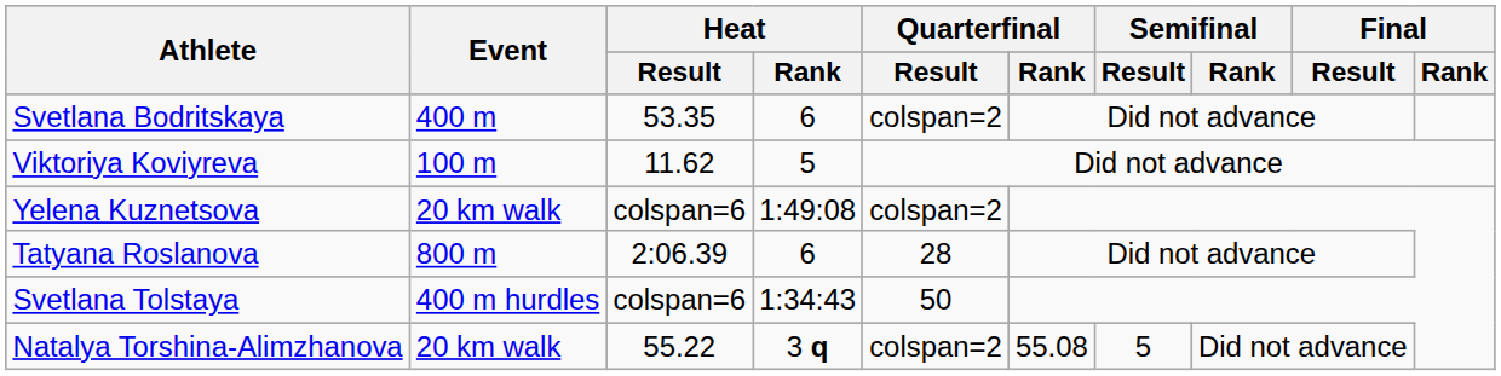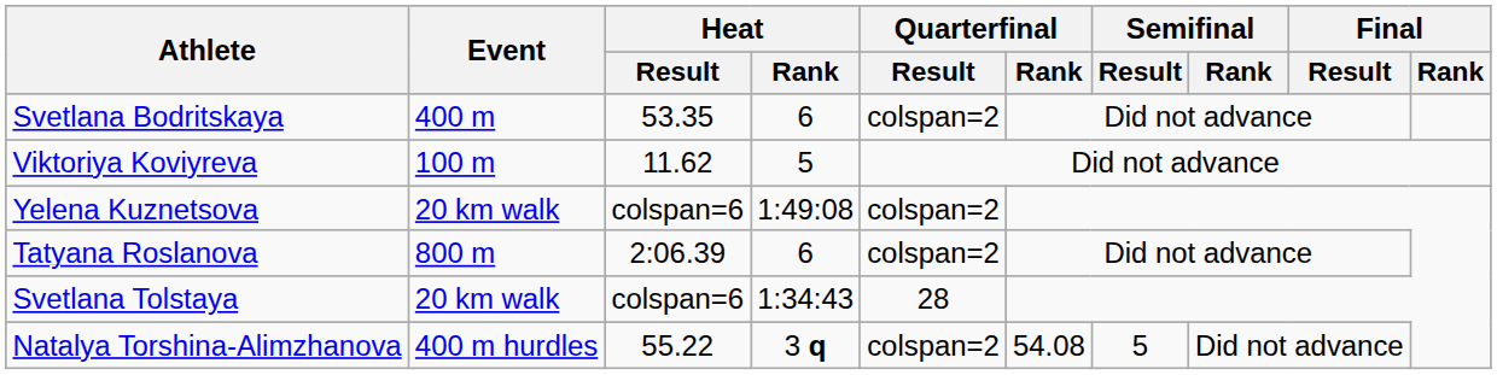 <table class=wikitable style="font-size:90%">
 <tr>
 <th rowspan="2">Athlete</th>
 <th rowspan="2">Event</th>
 <th colspan="2">Heat</th>
 <th colspan="2">Quarterfinal</th>
 <th colspan="2">Semifinal</th>
 <th colspan="2">Final</th>
 </tr>
 <tr style="font-size:95%">
 <th>Result</th>
 <th>Rank</th>
 <th>Result</th>
 <th>Rank</th>
 <th>Result</th>
 <th>Rank</th>
 <th>Result</th>
 <th>Rank</th>
 </tr>
 <tr align=center>
 <td align=left><a href='#'>Svetlana Bodritskaya</a></td>
 <td align=left><a href='#'>400 m</a></td>
 <td>53.35</td>
 <td>6</td>
 <td>colspan=2 </td>
 <td colspan=4>Did not advance</td>
 </tr>
 <tr align=center>
 <td align=left><a href='#'>Viktoriya Koviyreva</a></td>
 <td align=left><a href='#'>100 m</a></td>
 <td>11.62</td>
 <td>5</td>
 <td colspan=6>Did not advance</td>
 </tr>
 <tr align=center>
 <td align=left><a href='#'>Yelena Kuznetsova</a></td>
 <td align=left><a href='#'>20 km walk</a></td>
 <td>colspan=6 </td>
 <td>1:49:08</td>
 <td>colspan=2 </td>
 </tr>
 <tr align=center>
 <td align=left><a href='#'>Tatyana Roslanova</a></td>
 <td align=left><a href='#'>800 m</a></td>
 <td>2:06.39</td>
 <td>6</td>
-<td>28</td>
+<td>colspan=2 </td>
 <td colspan=4>Did not advance</td>
 </tr>
 <tr align=center>
 <td align=left><a href='#'>Svetlana Tolstaya</a></td>
-<td align=left><a href='#'>400 m hurdles</a></td>
+<td align=left><a href='#'>20 km walk</a></td>
 <td>colspan=6 </td>
 <td>1:34:43</td>
-<td>50</td>
+<td>28</td>
 </tr>
 <tr align=center>
 <td align=left><a href='#'>Natalya Torshina-Alimzhanova</a></td>
-<td align=left><a href='#'>20 km walk</a></td>
+<td align=left><a href='#'>400 m hurdles</a></td>
 <td>55.22</td>
 <td>3 <strong>q</strong></td>
 <td>colspan=2 </td>
-<td>55.08</td>
+<td>54.08</td>
 <td>5</td>
 <td colspan=2>Did not advance</td>
 </tr>
 </table>
